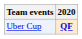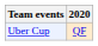 <table style='font-size: 90%; text-align:center;' class='wikitable'>
 <tr>
 <th>Team events</th>
 <th>2020</th>
 </tr>
 <tr>
 <td bgcolor="#ECF2FF"; align="left"><a href='#'>Uber Cup</a></td>
-<td bgcolor=FFEBCD><strong><a href='#'>QF</a></strong></td>
+<td bgcolor=FFEBCD><a href='#'>QF</a></td>
 </tr>
 </table>
